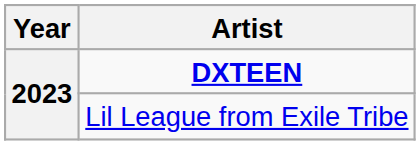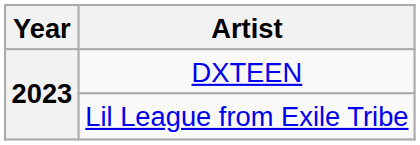 <table class="wikitable mw-collapsible mw-collapsed" style="font-size:small; text-align:center">
 <tr>
 <th>Year</th>
 <th>Artist</th>
 </tr>
 <tr>
 <th rowspan="2">2023</th>
-<td><strong><a href='#'>DXTEEN</a></strong></td>
+<td><a href='#'>DXTEEN</a></td>
 </tr>
 <tr>
 <td><a href='#'>Lil League from Exile Tribe</a></td>
 </tr>
 </table>
